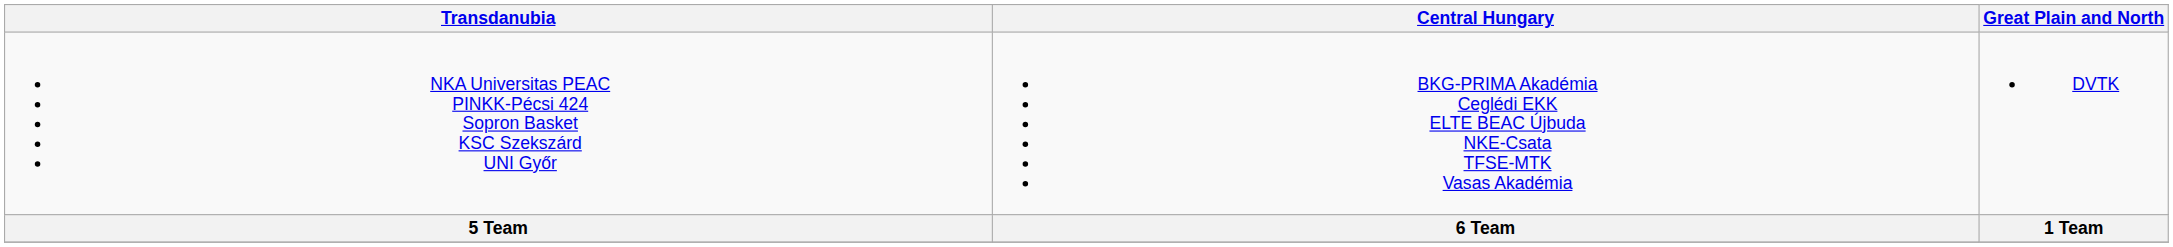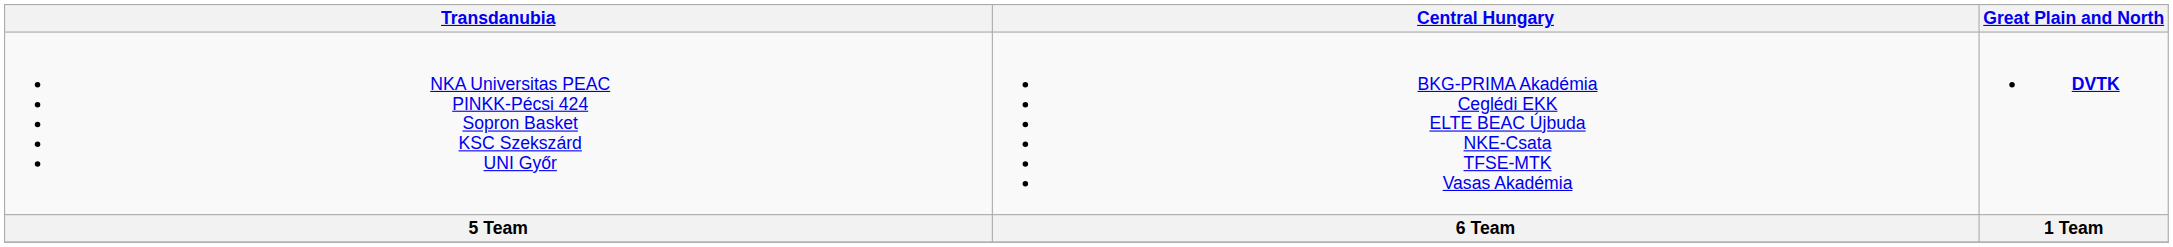 <table class="wikitable" style="clear:right;white-space:nowrap;">
 <tr>
 <th width="50%"><a href='#'>Transdanubia</a></th>
 <th width="50%"><a href='#'>Central Hungary</a></th>
 <th width="50%"><a href='#'>Great Plain and North</a></th>
 </tr>
 <tr align="center" valign="top">
 <td><br><ul><li><a href='#'>NKA Universitas PEAC</a></li><li><a href='#'>PINKK-Pécsi 424</a></li><li><a href='#'>Sopron Basket</a></li><li><a href='#'>KSC Szekszárd</a></li><li><a href='#'>UNI Győr</a></li></ul></td>
 <td><br><ul><li><a href='#'>BKG-PRIMA Akadémia</a></li><li><a href='#'>Ceglédi EKK</a></li><li><a href='#'>ELTE BEAC Újbuda</a></li><li><a href='#'>NKE-Csata</a></li><li><a href='#'>TFSE-MTK</a></li><li><a href='#'>Vasas Akadémia</a></li></ul></td>
-<td><br><ul><li><a href='#'>DVTK</a></li></ul></td>
+<td><strong><br><ul><li><a href='#'>DVTK</a></li></ul></strong></td>
 </tr>
 <tr>
 <th>5 Team</th>
 <th>6 Team</th>
 <th>1 Team</th>
 </tr>
 <tr>
 </tr>
 </table>
